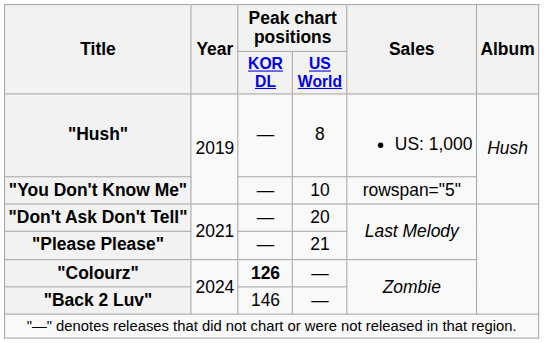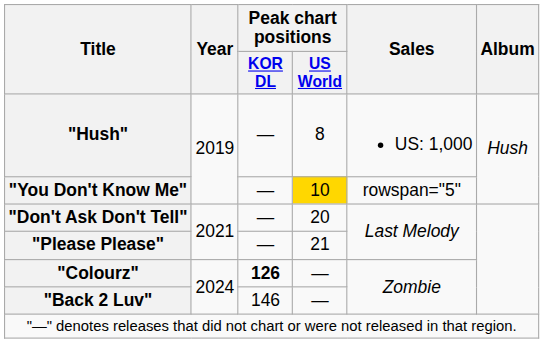 <table class="wikitable plainrowheaders" style="text-align:center">
 <tr>
 <th scope="col" rowspan="2">Title</th>
 <th scope="col" rowspan="2">Year</th>
 <th scope="col" colspan="2">Peak chart positions</th>
 <th scope="col" rowspan="2">Sales</th>
 <th scope="col" rowspan="2">Album</th>
 </tr>
 <tr>
 <th scope="col" style="font-size:90%; width:3em"><a href='#'>KOR<br>DL</a><br></th>
 <th scope="col" style="font-size:90%; width:3em"><a href='#'>US<br>World</a><br></th>
 </tr>
 <tr>
 <th scope="row">"Hush"</th>
 <td rowspan="2">2019</td>
 <td>—</td>
 <td>8</td>
 <td><br><ul><li>US: 1,000</li></ul></td>
 <td rowspan="2"><em>Hush</em></td>
 </tr>
 <tr>
 <th scope="row">"You Don't Know Me"</th>
 <td>—</td>
-<td>10</td>
+<td style="background: gold;">10</td>
 <td>rowspan="5" </td>
 </tr>
 <tr>
 <th scope="row">"Don't Ask Don't Tell"</th>
 <td rowspan="2">2021</td>
 <td>—</td>
 <td>20</td>
 <td rowspan="2"><em>Last Melody</em></td>
 </tr>
 <tr>
 <th scope="row">"Please Please"</th>
 <td>—</td>
 <td>21</td>
 </tr>
 <tr>
 <th scope="row">"Colourz"</th>
 <td rowspan="2">2024</td>
 <td><strong>126</strong></td>
 <td>—</td>
 <td rowspan="2"><em>Zombie</em></td>
 </tr>
 <tr>
 <th scope="row">"Back 2 Luv"</th>
 <td>146</td>
 <td>—</td>
 </tr>
 <tr>
 <td colspan="6" style="font-size:85%">"—" denotes releases that did not chart or were not released in that region.</td>
 </tr>
 </table>
